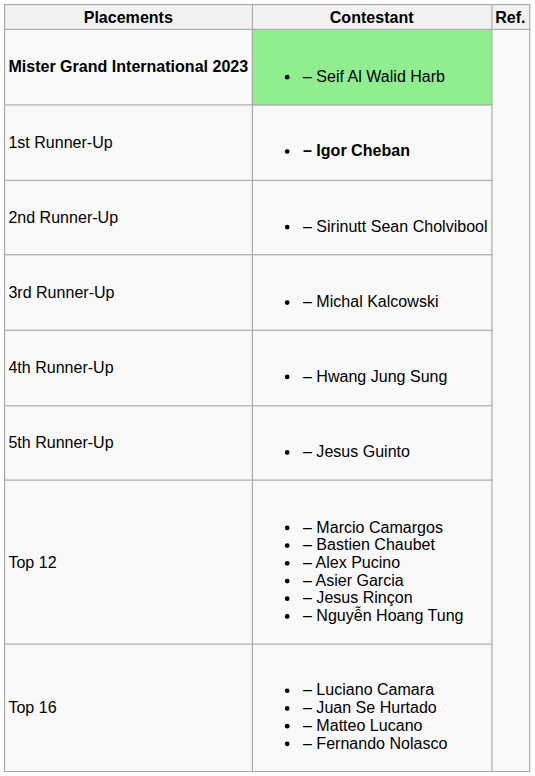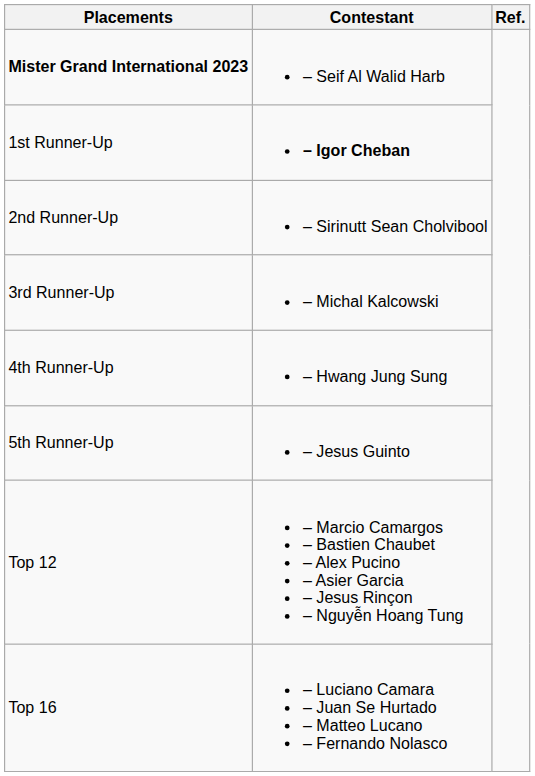 <table class="wikitable sortable" style="font-size: 85%;">
 <tr>
 <th>Placements</th>
 <th>Contestant</th>
 <th>Ref.</th>
 </tr>
 <tr>
 <td><strong>Mister Grand International 2023</strong></td>
-<td style="background: lightgreen;"><br><ul><li> – Seif Al Walid Harb</li></ul></td>
+<td><br><ul><li> – Seif Al Walid Harb</li></ul></td>
 <td rowspan="8"><br><br><br><br><br><br></td>
 </tr>
 <tr>
 <td>1st Runner-Up</td>
 <td><strong><br><ul><li> – Igor Cheban</li></ul></strong></td>
 </tr>
 <tr>
 <td>2nd Runner-Up</td>
 <td><br><ul><li> – Sirinutt Sean Cholvibool</li></ul></td>
 </tr>
 <tr>
 <td>3rd Runner-Up</td>
 <td><br><ul><li> – Michal Kalcowski</li></ul></td>
 </tr>
 <tr>
 <td>4th Runner-Up</td>
 <td><br><ul><li> – Hwang Jung Sung</li></ul></td>
 </tr>
 <tr>
 <td>5th Runner-Up</td>
 <td><br><ul><li> – Jesus Guinto</li></ul></td>
 </tr>
 <tr>
 <td>Top 12</td>
 <td><br><ul><li> – Marcio Camargos</li><li> – Bastien Chaubet</li><li> – Alex Pucino</li><li> – Asier Garcia</li><li> – Jesus Rinçon</li><li> – Nguyễn Hoang Tung</li></ul></td>
 </tr>
 <tr>
 <td>Top 16</td>
 <td><br><ul><li> – Luciano Camara</li><li> – Juan Se Hurtado</li><li> – Matteo Lucano</li><li> – Fernando Nolasco</li></ul></td>
 </tr>
 </table>
